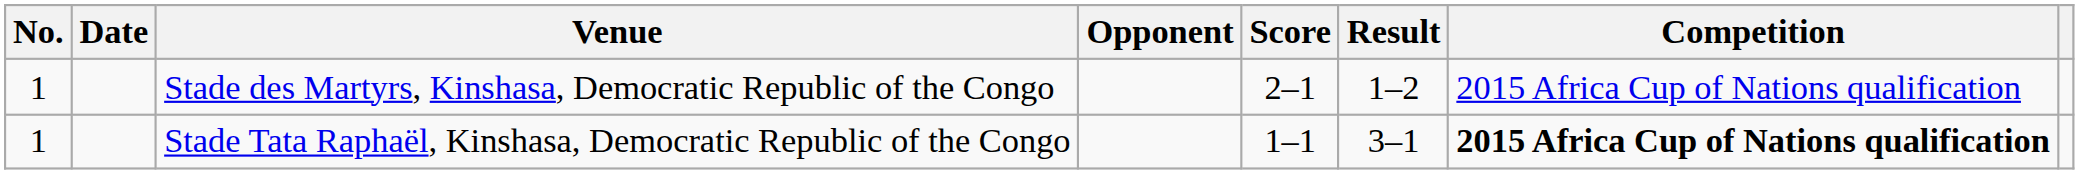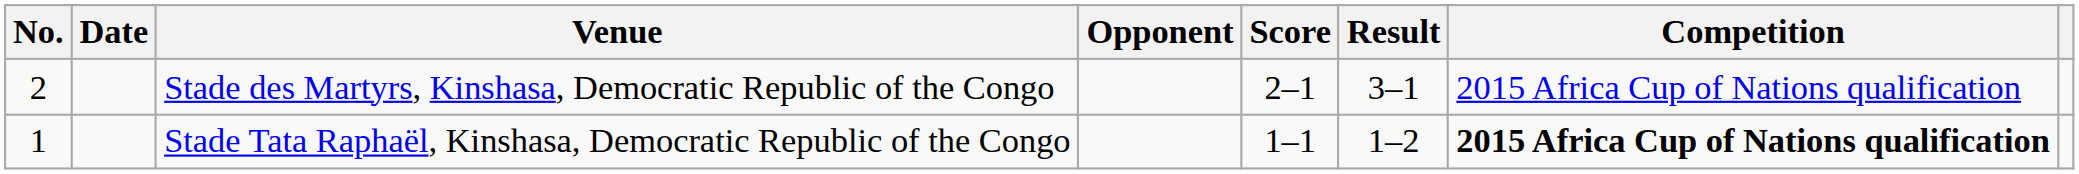 <table class="wikitable sortable">
 <tr>
 <th scope="col">No.</th>
 <th scope="col">Date</th>
 <th scope="col">Venue</th>
 <th scope="col">Opponent</th>
 <th scope="col">Score</th>
 <th scope="col">Result</th>
 <th scope="col">Competition</th>
 <th scope="col" class="unsortable"></th>
 </tr>
 <tr>
-<td style="text-align:center">1</td>
+<td style="text-align:center">2</td>
 <td></td>
 <td><a href='#'>Stade des Martyrs</a>, <a href='#'>Kinshasa</a>, Democratic Republic of the Congo</td>
 <td></td>
 <td style="text-align:center">2–1</td>
-<td style="text-align:center">1–2</td>
+<td style="text-align:center">3–1</td>
 <td><a href='#'>2015 Africa Cup of Nations qualification</a></td>
 <td></td>
 </tr>
 <tr>
 <td style="text-align:center">1</td>
 <td></td>
 <td><a href='#'>Stade Tata Raphaël</a>, Kinshasa, Democratic Republic of the Congo</td>
 <td></td>
 <td style="text-align:center">1–1</td>
-<td style="text-align:center">3–1</td>
+<td style="text-align:center">1–2</td>
 <td><strong>2015 Africa Cup of Nations qualification</strong></td>
 <td></td>
 </tr>
 </table>
